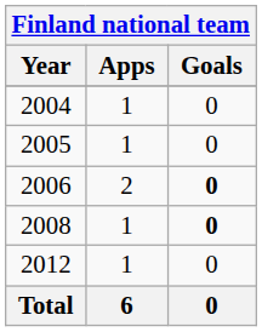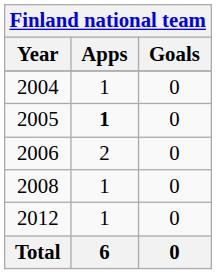 <table class="wikitable" style="text-align:center">
 <tr>
 <th colspan=3><a href='#'>Finland national team</a></th>
 </tr>
 <tr>
 <th>Year</th>
 <th>Apps</th>
 <th>Goals</th>
 </tr>
 <tr>
 </tr>
 <tr>
 <td>2004</td>
 <td>1</td>
 <td>0</td>
 </tr>
 <tr>
 <td>2005</td>
-<td>1</td>
+<td><strong>1</strong></td>
 <td>0</td>
 </tr>
 <tr>
 <td>2006</td>
 <td>2</td>
-<td><strong>0</strong></td>
+<td>0</td>
 </tr>
 <tr>
 <td>2008</td>
 <td>1</td>
-<td><strong>0</strong></td>
+<td>0</td>
 </tr>
 <tr>
 <td>2012</td>
 <td>1</td>
 <td>0</td>
 </tr>
 <tr>
 <th>Total</th>
 <th>6</th>
 <th>0</th>
 </tr>
 </table>
